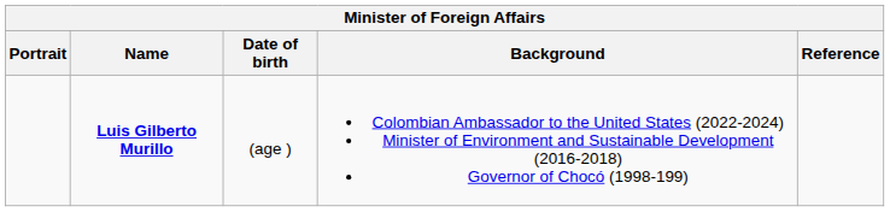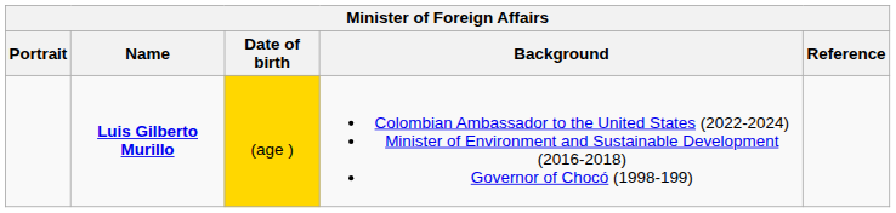 <table class="wikitable collapsible" style="text-align:center;">
 <tr>
 <th colspan="5">Minister of Foreign Affairs</th>
 </tr>
 <tr>
 <th>Portrait</th>
 <th>Name</th>
 <th>Date of birth</th>
 <th>Background</th>
 <th>Reference</th>
 </tr>
 <tr>
 <td></td>
 <td><strong><a href='#'>Luis Gilberto Murillo</a></strong></td>
-<td><br>(age )</td>
+<td style="background: gold;"><br>(age )</td>
 <td><br><ul><li><a href='#'>Colombian Ambassador to the United States</a> (2022-2024)</li><li><a href='#'>Minister of Environment and Sustainable Development</a> (2016-2018)</li><li><a href='#'>Governor of Chocó</a> (1998-199)</li></ul></td>
 <td></td>
 </tr>
 </table>
